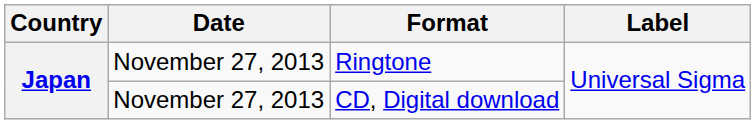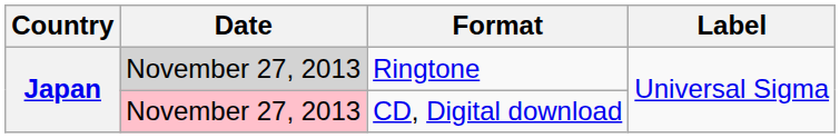 <table class="wikitable plainrowheaders">
 <tr>
 <th scope="col">Country</th>
 <th>Date</th>
 <th>Format</th>
 <th>Label</th>
 </tr>
 <tr>
 <th scope="row" rowspan="2"><a href='#'>Japan</a></th>
-<td>November 27, 2013</td>
+<td style="background: lightgrey;">November 27, 2013</td>
 <td><a href='#'>Ringtone</a></td>
 <td rowspan="2"><a href='#'>Universal Sigma</a></td>
 </tr>
 <tr>
-<td>November 27, 2013</td>
+<td style="background: pink;">November 27, 2013</td>
 <td><a href='#'>CD</a>, <a href='#'>Digital download</a></td>
 </tr>
 </table>
